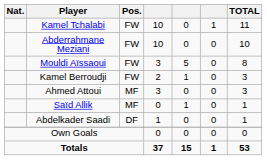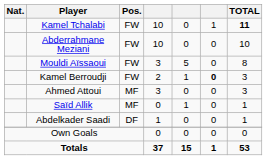 <table class="wikitable sortable alternance"  style="font-size:85%; text-align:center; line-height:14px; width:60%;">
 <tr>
 <th width=10>Nat.</th>
 <th width=140>Player</th>
 <th width=10>Pos.</th>
 <th width=40></th>
 <th width=40></th>
 <th width=40></th>
 <th width=40>TOTAL</th>
 </tr>
 <tr>
 <td></td>
 <td><a href='#'>Kamel Tchalabi</a></td>
 <td>FW</td>
 <td>10</td>
 <td>0</td>
 <td>1</td>
-<td>11</td>
+<td><strong>11</strong></td>
 </tr>
 <tr>
 <td></td>
 <td><a href='#'>Abderrahmane Meziani</a></td>
 <td>FW</td>
 <td>10</td>
 <td>0</td>
 <td>0</td>
 <td>10</td>
 </tr>
 <tr>
 <td></td>
 <td><a href='#'>Mouldi Aïssaoui</a></td>
 <td>FW</td>
 <td>3</td>
 <td>5</td>
 <td>0</td>
 <td>8</td>
 </tr>
 <tr>
 <td></td>
 <td>Kamel Berroudji</td>
 <td>FW</td>
 <td>2</td>
 <td>1</td>
-<td>0</td>
+<td><strong>0</strong></td>
 <td>3</td>
 </tr>
 <tr>
 <td></td>
 <td>Ahmed Attoui</td>
 <td>MF</td>
 <td>3</td>
 <td>0</td>
 <td>0</td>
 <td>3</td>
 </tr>
 <tr>
 <td></td>
 <td><a href='#'>Saïd Allik</a></td>
 <td>MF</td>
 <td>0</td>
 <td>1</td>
 <td>0</td>
 <td>1</td>
 </tr>
 <tr>
 <td></td>
 <td>Abdelkader Saadi</td>
 <td>DF</td>
 <td>1</td>
 <td>0</td>
 <td>0</td>
 <td>1</td>
 </tr>
 <tr>
 </tr>
 <tr class="sortbottom">
 <td colspan="3">Own Goals</td>
 <td>0</td>
 <td>0</td>
 <td>0</td>
 <td>0</td>
 </tr>
 <tr class="sortbottom">
 <td colspan="3"><strong>Totals</strong></td>
 <td><strong>37</strong></td>
 <td><strong>15</strong></td>
 <td><strong>1</strong></td>
 <td><strong>53</strong></td>
 </tr>
 </table>
